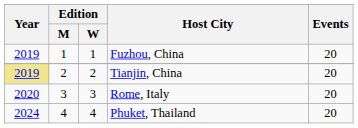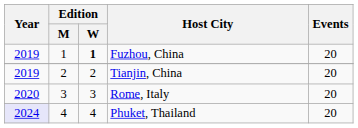 <table class="wikitable" style="text-align:center;">
 <tr>
 <th rowspan=2 width=50>Year</th>
 <th colspan=2>Edition</th>
 <th rowspan=2 width=250>Host City</th>
 <th rowspan=2 width=50>Events</th>
 </tr>
 <tr>
 <th width=30>M</th>
 <th width=30>W</th>
 </tr>
 <tr>
 <td><a href='#'>2019</a></td>
 <td>1</td>
-<td>1</td>
+<td><strong>1</strong></td>
 <td align=left><a href='#'>Fuzhou</a>, China</td>
 <td>20</td>
 </tr>
 <tr>
 </tr>
 <tr>
-<td style="background: khaki;"><a href='#'>2019</a></td>
+<td><a href='#'>2019</a></td>
 <td>2</td>
 <td>2</td>
 <td align=left><a href='#'>Tianjin</a>, China</td>
 <td>20</td>
 </tr>
 <tr>
 <td><a href='#'>2020</a></td>
 <td>3</td>
 <td>3</td>
 <td align=left><a href='#'>Rome</a>, Italy</td>
 <td>20</td>
 </tr>
 <tr>
-<td><a href='#'>2024</a></td>
+<td style="background: lavender;"><a href='#'>2024</a></td>
 <td>4</td>
 <td>4</td>
 <td align=left><a href='#'>Phuket</a>, Thailand</td>
 <td>20</td>
 </tr>
 </table>
